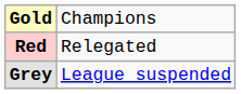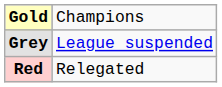 <table class="wikitable" style="font-size:85%">
 <tr>
 <th scope="row" style="background: #ffffbf">Gold</th>
 <td>Champions</td>
 </tr>
 <tr>
+<th scope="row" style="background: #e2e2e2">Grey</th>
+<td><a href='#'>League suspended</a></td>
+</tr>
+<tr>
 <th scope="row" style="background: #ffcfcf">Red</th>
 <td>Relegated</td>
 </tr>
-<tr>
-<th scope="row" style="background: #e2e2e2">Grey</th>
-<td><a href='#'>League suspended</a></td>
-</tr>
 </table>
